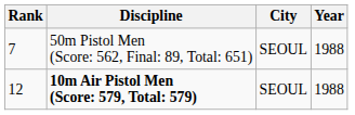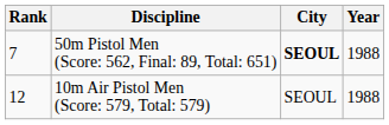 <table class="wikitable">
 <tr>
 <th>Rank</th>
 <th>Discipline</th>
 <th>City</th>
 <th>Year</th>
 </tr>
 <tr>
 <td>7</td>
 <td>50m Pistol Men<br>(Score: 562, Final: 89, Total: 651)</td>
-<td>SEOUL</td>
+<td><strong>SEOUL</strong></td>
 <td>1988</td>
 </tr>
 <tr>
 <td>12</td>
-<td><strong>10m Air Pistol Men<br>(Score: 579, Total: 579)</strong></td>
+<td>10m Air Pistol Men<br>(Score: 579, Total: 579)</td>
 <td>SEOUL</td>
 <td>1988</td>
 </tr>
 </table>
